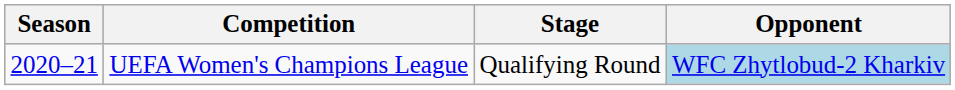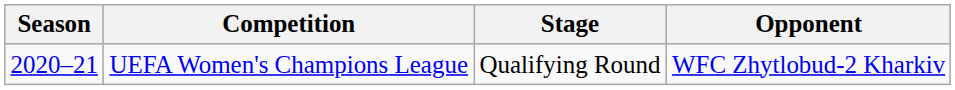 <table class="wikitable">
 <tr>
 <th>Season</th>
 <th>Competition</th>
 <th>Stage</th>
 <th>Opponent</th>
 </tr>
 <tr>
 <td rowspan="3"><a href='#'>2020–21</a></td>
 <td rowspan="3"><a href='#'>UEFA Women's Champions League</a></td>
 <td rowspan="3">Qualifying Round</td>
-<td style="background: lightblue;"> <a href='#'>WFC Zhytlobud-2 Kharkiv</a></td>
+<td> <a href='#'>WFC Zhytlobud-2 Kharkiv</a></td>
 </tr>
 </table>
